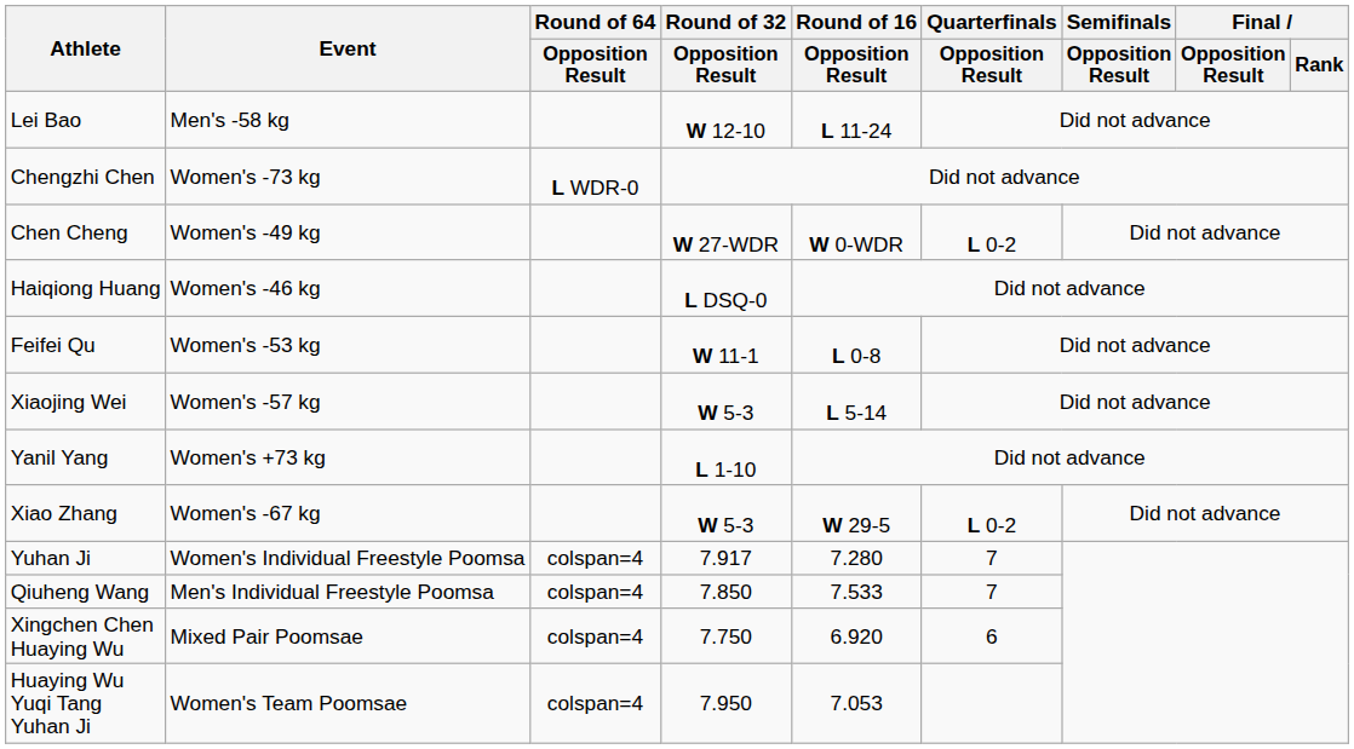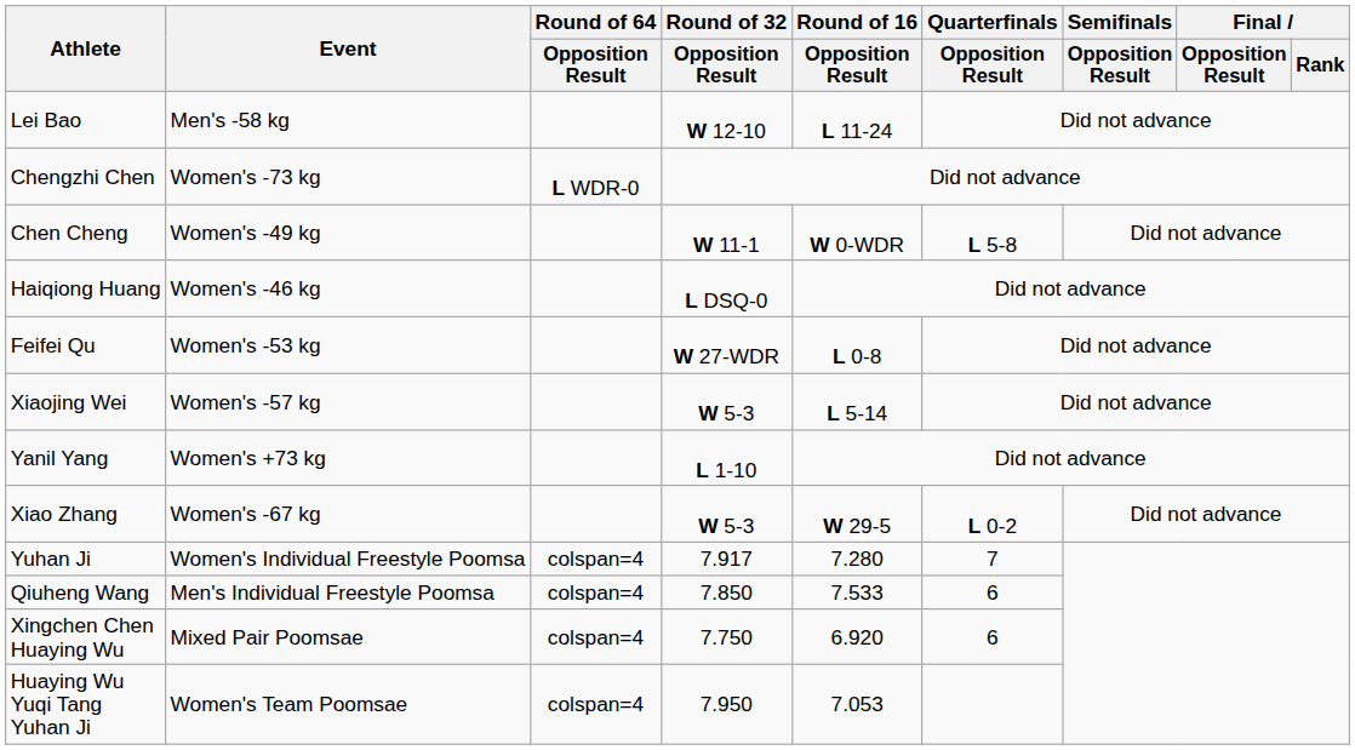 <table class="wikitable" style="font-size:90%">
 <tr>
 <th rowspan="2">Athlete</th>
 <th rowspan="2">Event</th>
 <th>Round of 64</th>
 <th>Round of 32</th>
 <th>Round of 16</th>
 <th>Quarterfinals</th>
 <th>Semifinals</th>
 <th colspan=2>Final / </th>
 </tr>
 <tr style="font-size:95%">
 <th>Opposition<br>Result</th>
 <th>Opposition<br>Result</th>
 <th>Opposition<br>Result</th>
 <th>Opposition<br>Result</th>
 <th>Opposition<br>Result</th>
 <th>Opposition<br>Result</th>
 <th>Rank</th>
 </tr>
 <tr align=center>
 <td align=left>Lei Bao</td>
 <td align=left>Men's -58 kg</td>
 <td></td>
 <td><br><strong>W</strong> 12-10</td>
 <td><br><strong>L</strong> 11-24</td>
 <td colspan=4>Did not advance</td>
 </tr>
 <tr align=center>
 <td align=left>Chengzhi Chen</td>
 <td align=left>Women's -73 kg</td>
 <td><br><strong>L</strong> WDR-0</td>
 <td colspan=6>Did not advance</td>
 </tr>
 <tr align=center>
 <td align=left>Chen Cheng</td>
 <td align=left>Women's -49 kg</td>
 <td></td>
-<td><br><strong>W</strong> 27-WDR</td>
+<td><br><strong>W</strong> 11-1</td>
 <td><br><strong>W</strong> 0-WDR</td>
-<td><br><strong>L</strong> 0-2</td>
+<td><br><strong>L</strong> 5-8</td>
 <td colspan=3>Did not advance</td>
 </tr>
 <tr align=center>
 <td align=left>Haiqiong Huang</td>
 <td align=left>Women's -46 kg</td>
 <td></td>
 <td><br><strong>L</strong> DSQ-0</td>
 <td colspan=5>Did not advance</td>
 </tr>
 <tr align=center>
 <td align=left>Feifei Qu</td>
 <td align=left>Women's -53 kg</td>
 <td></td>
-<td><br><strong>W</strong> 11-1</td>
+<td><br><strong>W</strong> 27-WDR</td>
 <td><br><strong>L</strong> 0-8</td>
 <td colspan=4>Did not advance</td>
 </tr>
 <tr align=center>
 <td align=left>Xiaojing Wei</td>
 <td align=left>Women's -57 kg</td>
 <td></td>
 <td><br><strong>W</strong> 5-3</td>
 <td><br><strong>L</strong> 5-14</td>
 <td colspan=4>Did not advance</td>
 </tr>
 <tr align=center>
 <td align=left>Yanil Yang</td>
 <td align=left>Women's +73 kg</td>
 <td></td>
 <td><br><strong>L</strong> 1-10</td>
 <td colspan=5>Did not advance</td>
 </tr>
 <tr align=center>
 <td align=left>Xiao Zhang</td>
 <td align=left>Women's -67 kg</td>
 <td></td>
 <td><br><strong>W</strong> 5-3</td>
 <td><br><strong>W</strong> 29-5</td>
 <td><br><strong>L</strong> 0-2</td>
 <td colspan=3>Did not advance</td>
 </tr>
 <tr align=center>
 <td align=left>Yuhan Ji</td>
 <td align=left>Women's Individual Freestyle Poomsa</td>
 <td>colspan=4 </td>
 <td>7.917</td>
 <td>7.280</td>
 <td>7</td>
 </tr>
 <tr align=center>
 <td align=left>Qiuheng Wang</td>
 <td align=left>Men's Individual Freestyle Poomsa</td>
 <td>colspan=4 </td>
 <td>7.850</td>
 <td>7.533</td>
-<td>7</td>
+<td>6</td>
 </tr>
 <tr align=center>
 <td align=left>Xingchen Chen<br>Huaying Wu</td>
 <td align=left>Mixed Pair Poomsae</td>
 <td>colspan=4 </td>
 <td>7.750</td>
 <td>6.920</td>
 <td>6</td>
 </tr>
 <tr align=center>
 <td align=left>Huaying Wu<br>Yuqi Tang<br>Yuhan Ji</td>
 <td align=left>Women's Team Poomsae</td>
 <td>colspan=4 </td>
 <td>7.950</td>
 <td>7.053</td>
 <td></td>
 </tr>
 </table>
